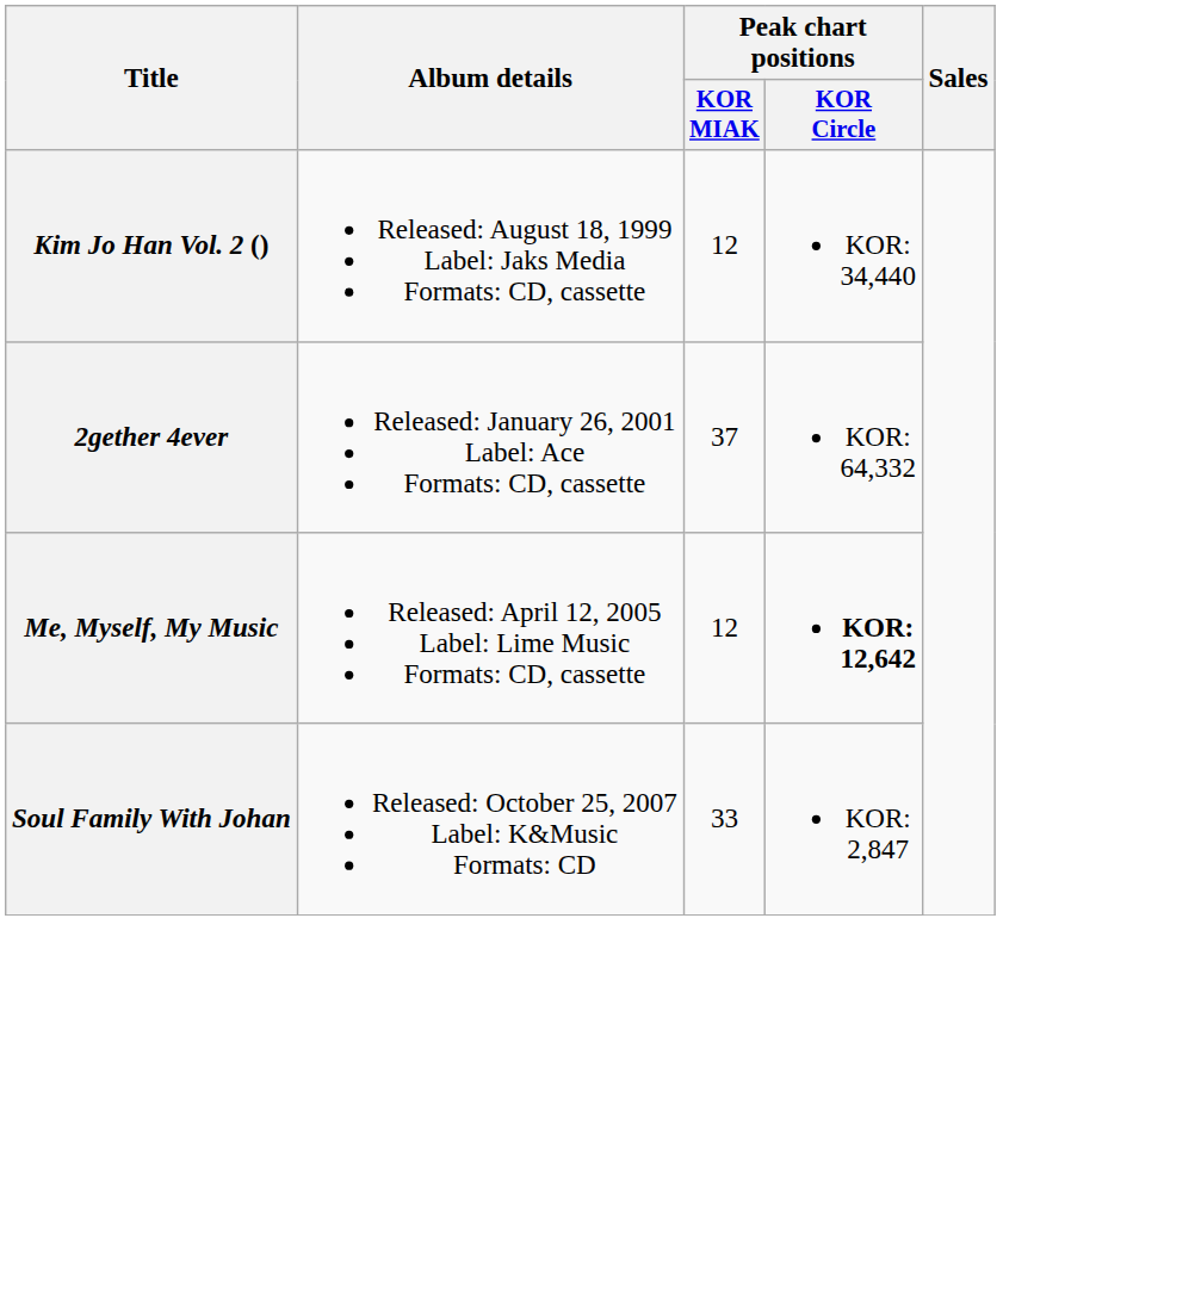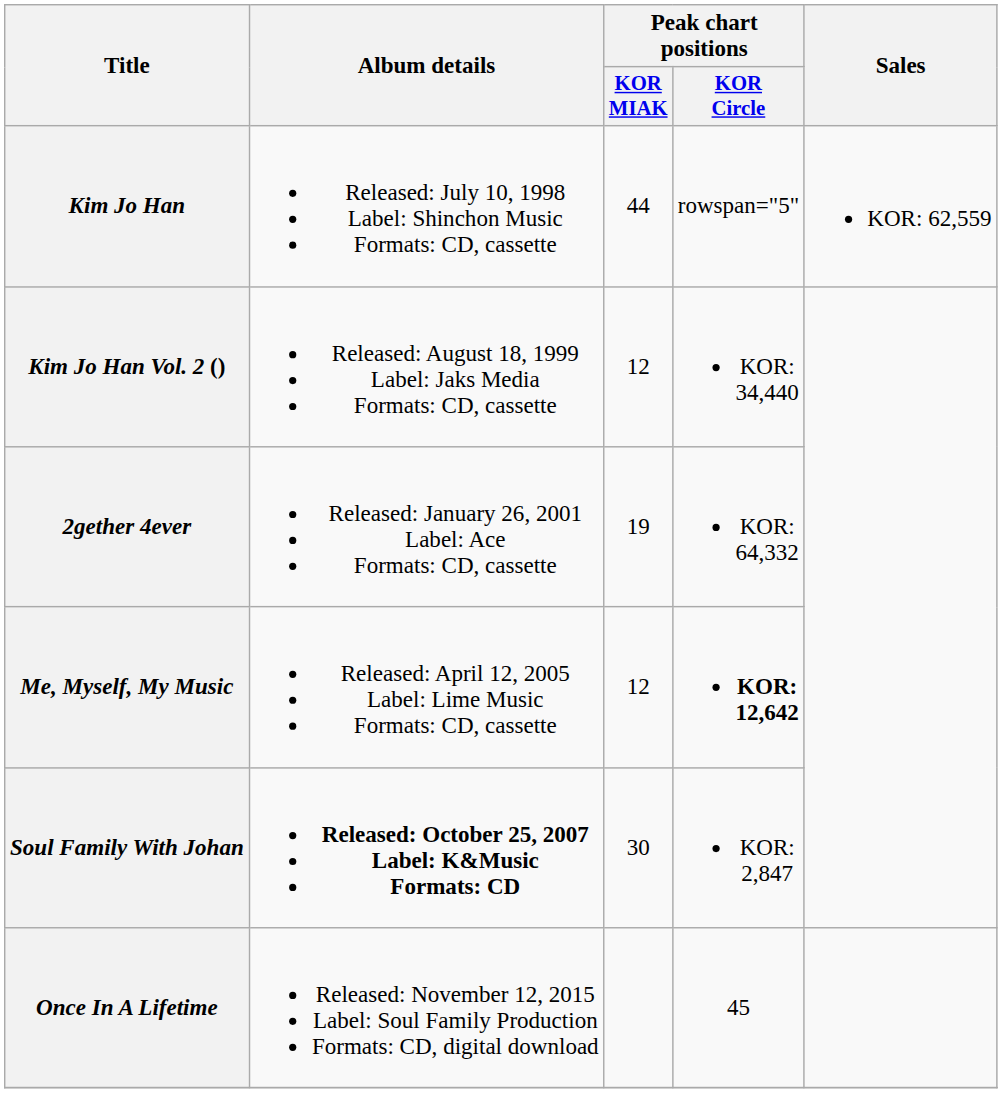 <table class="wikitable plainrowheaders" style="text-align:center;">
 <tr>
 <th rowspan="2" scope="col">Title</th>
 <th rowspan="2" scope="col">Album details</th>
 <th colspan="2" scope="col">Peak chart positions</th>
 <th rowspan="2" scope="col">Sales</th>
 </tr>
 <tr>
 <th scope="col" style="width:2.5em;font-size:90%;"><a href='#'>KOR<br>MIAK</a><br></th>
 <th scope="col" style="width:2.5em;font-size:90%;"><a href='#'>KOR<br>Circle</a><br></th>
 </tr>
 <tr>
+<th scope="row"><em>Kim Jo Han</em></th>
+<td><br><ul><li>Released: July 10, 1998</li><li>Label: Shinchon Music</li><li>Formats: CD, cassette</li></ul></td>
+<td>44</td>
+<td>rowspan="5" </td>
+<td><br><ul><li>KOR: 62,559</li></ul></td>
+</tr>
+<tr>
 <th scope="row"><em>Kim Jo Han Vol. 2</em> ()</th>
 <td><br><ul><li>Released: August 18, 1999</li><li>Label: Jaks Media</li><li>Formats: CD, cassette</li></ul></td>
 <td>12</td>
 <td><br><ul><li>KOR: 34,440</li></ul></td>
 </tr>
 <tr>
 <th scope="row"><em>2gether 4ever</em></th>
 <td><br><ul><li>Released: January 26, 2001</li><li>Label: Ace</li><li>Formats: CD, cassette</li></ul></td>
-<td>37</td>
+<td>19</td>
 <td><br><ul><li>KOR: 64,332</li></ul></td>
 </tr>
 <tr>
 <th scope="row"><em>Me, Myself, My Music</em></th>
 <td><br><ul><li>Released: April 12, 2005</li><li>Label: Lime Music</li><li>Formats: CD, cassette</li></ul></td>
 <td>12</td>
 <td><strong><br><ul><li>KOR: 12,642</li></ul></strong></td>
 </tr>
 <tr>
 <th scope="row"><em>Soul Family With Johan</em></th>
-<td><br><ul><li>Released: October 25, 2007</li><li>Label: K&Music</li><li>Formats: CD</li></ul></td>
-<td>33</td>
+<td><strong><br><ul><li>Released: October 25, 2007</li><li>Label: K&Music</li><li>Formats: CD</li></ul></strong></td>
+<td>30</td>
 <td><br><ul><li>KOR: 2,847</li></ul></td>
+</tr>
+<tr>
+<th scope="row"><em>Once In A Lifetime</em></th>
+<td><br><ul><li>Released: November 12, 2015</li><li>Label: Soul Family Production</li><li>Formats: CD, digital download</li></ul></td>
+<td></td>
+<td>45</td>
+<td></td>
 </tr>
 <tr>
 </tr>
 </table>
